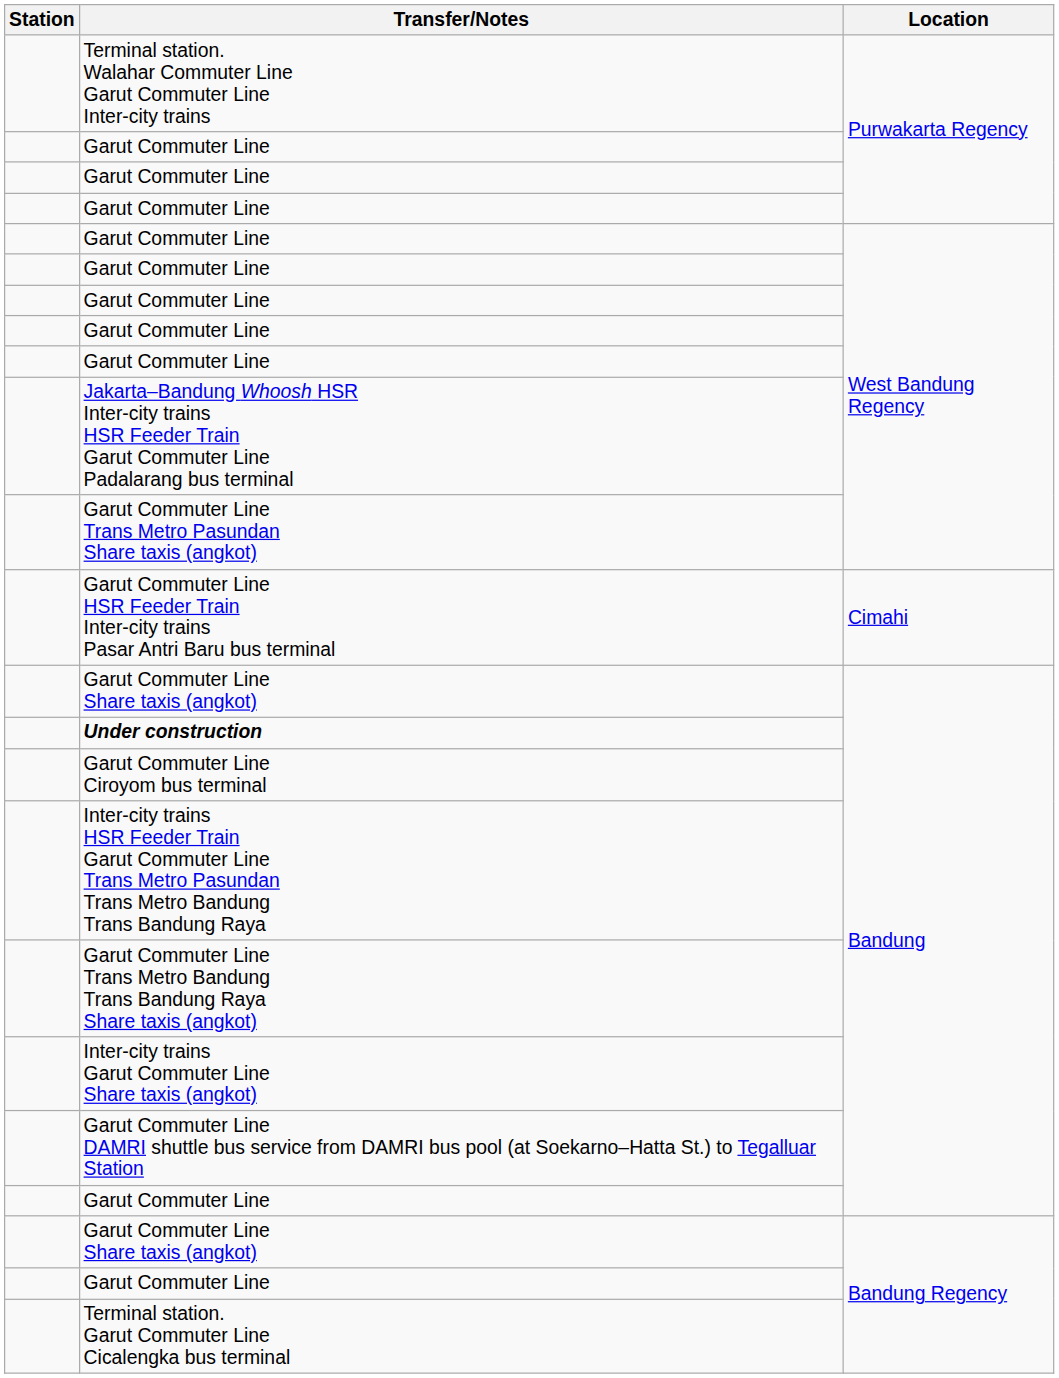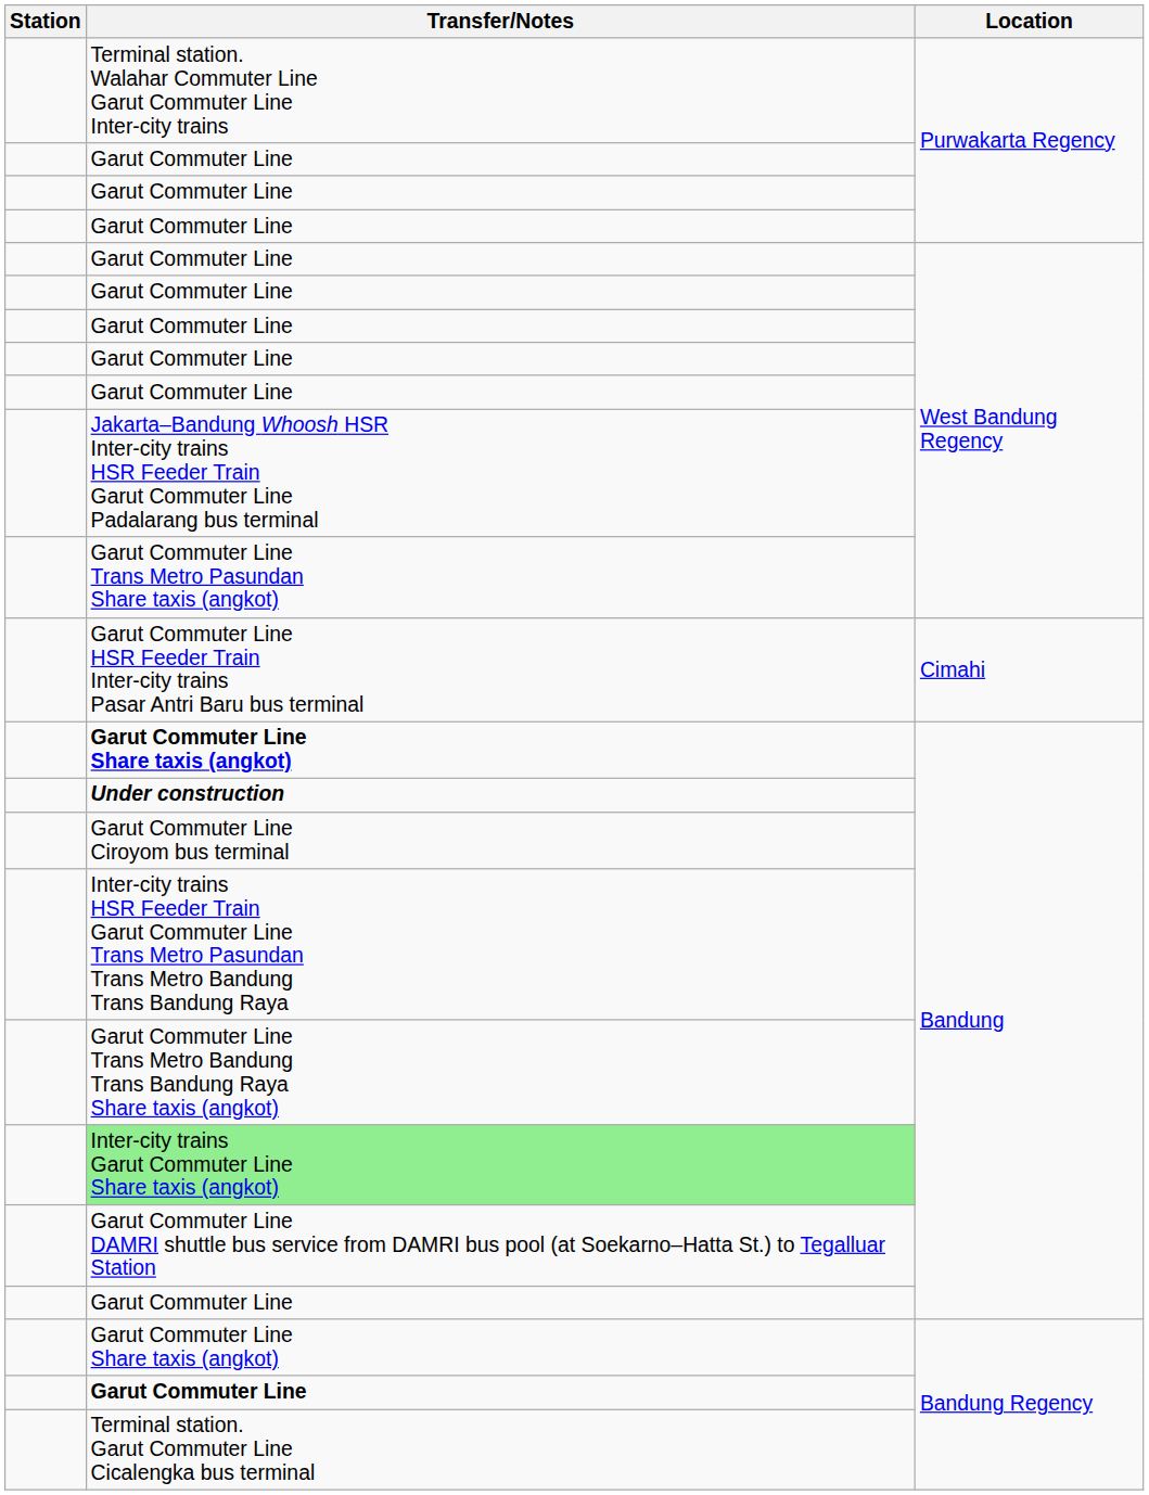 <table class="wikitable">
 <tr>
 <th>Station</th>
 <th>Transfer/Notes</th>
 <th>Location</th>
 </tr>
 <tr>
 <td><strong></strong></td>
 <td>Terminal station.<br> Walahar Commuter Line<br> Garut Commuter Line<br> Inter-city trains</td>
 <td rowspan="4"><a href='#'>Purwakarta Regency</a></td>
 </tr>
 <tr>
 <td></td>
 <td> Garut Commuter Line</td>
 </tr>
 <tr>
 <td></td>
 <td> Garut Commuter Line</td>
 </tr>
 <tr>
 <td></td>
 <td> Garut Commuter Line</td>
 </tr>
 <tr>
 <td></td>
 <td> Garut Commuter Line</td>
 <td rowspan="7"><a href='#'>West Bandung Regency</a></td>
 </tr>
 <tr>
 <td></td>
 <td> Garut Commuter Line</td>
 </tr>
 <tr>
 <td></td>
 <td> Garut Commuter Line</td>
 </tr>
 <tr>
 <td></td>
 <td> Garut Commuter Line</td>
 </tr>
 <tr>
 <td></td>
 <td> Garut Commuter Line</td>
 </tr>
 <tr>
 <td><strong></strong></td>
 <td> <a href='#'>Jakarta–Bandung <em>Whoosh</em> HSR</a><br> Inter-city trains<br> <a href='#'>HSR Feeder Train</a><br> Garut Commuter Line<br> Padalarang bus terminal</td>
 </tr>
 <tr>
 <td></td>
 <td> Garut Commuter Line<br> <a href='#'>Trans Metro Pasundan</a><br> <a href='#'>Share taxis (angkot)</a></td>
 </tr>
 <tr>
 <td></td>
 <td> Garut Commuter Line<br> <a href='#'>HSR Feeder Train</a><br> Inter-city trains<br> Pasar Antri Baru bus terminal</td>
 <td><a href='#'>Cimahi</a></td>
 </tr>
 <tr>
 <td></td>
-<td> Garut Commuter Line<br> <a href='#'>Share taxis (angkot)</a></td>
+<td><strong> Garut Commuter Line<br> <a href='#'>Share taxis (angkot)</a></strong></td>
 <td rowspan="8"><a href='#'>Bandung</a></td>
 </tr>
 <tr>
 <td><em></em></td>
 <td><strong><em>Under construction</em></strong></td>
 </tr>
 <tr>
 <td></td>
 <td> Garut Commuter Line<br> Ciroyom bus terminal</td>
 </tr>
 <tr>
 <td><strong></strong></td>
 <td> Inter-city trains<br> <a href='#'>HSR Feeder Train</a><br> Garut Commuter Line<br>   <a href='#'>Trans Metro Pasundan</a><br> Trans Metro Bandung<br> Trans Bandung Raya</td>
 </tr>
 <tr>
 <td></td>
 <td> Garut Commuter Line<br> Trans Metro Bandung<br> Trans Bandung Raya<br> <a href='#'>Share taxis (angkot)</a></td>
 </tr>
 <tr>
 <td><strong></strong></td>
-<td> Inter-city trains<br> Garut Commuter Line<br> <a href='#'>Share taxis (angkot)</a></td>
+<td style="background: lightgreen;"> Inter-city trains<br> Garut Commuter Line<br> <a href='#'>Share taxis (angkot)</a></td>
 </tr>
 <tr>
 <td></td>
 <td> Garut Commuter Line<br> <a href='#'>DAMRI</a> shuttle bus service from DAMRI bus pool (at Soekarno–Hatta St.) to <a href='#'>Tegalluar Station</a></td>
 </tr>
 <tr>
 <td></td>
 <td> Garut Commuter Line</td>
 </tr>
 <tr>
 <td></td>
 <td> Garut Commuter Line<br> <a href='#'>Share taxis (angkot)</a></td>
 <td rowspan="3"><a href='#'>Bandung Regency</a></td>
 </tr>
 <tr>
 <td></td>
-<td> Garut Commuter Line</td>
+<td><strong> Garut Commuter Line</strong></td>
 </tr>
 <tr>
 <td><strong></strong></td>
 <td>Terminal station.<br> Garut Commuter Line<br> Cicalengka bus terminal</td>
 </tr>
 </table>
